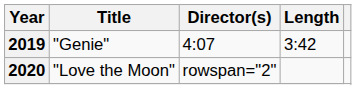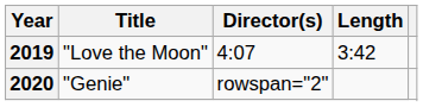 <table class="wikitable sortable plainrowheaders">
 <tr>
 <th scope="col">Year</th>
 <th scope="col">Title</th>
 <th scope="col">Director(s)</th>
 <th scope="col">Length</th>
 <th scope="col" class="unsortable"></th>
 </tr>
 <tr>
 <th scope="row">2019</th>
-<td>"Genie" </td>
+<td>"Love the Moon" </td>
 <td>4:07</td>
 <td>3:42</td>
 <td style="text-align:center"></td>
 </tr>
 <tr>
 <th scope="row">2020</th>
-<td>"Love the Moon" </td>
+<td>"Genie" </td>
 <td>rowspan="2" </td>
 <td style="text-align:center"></td>
 </tr>
 <tr>
 </tr>
 </table>
